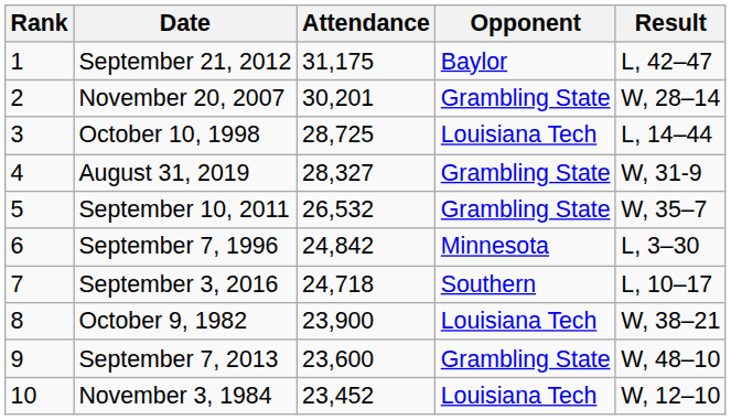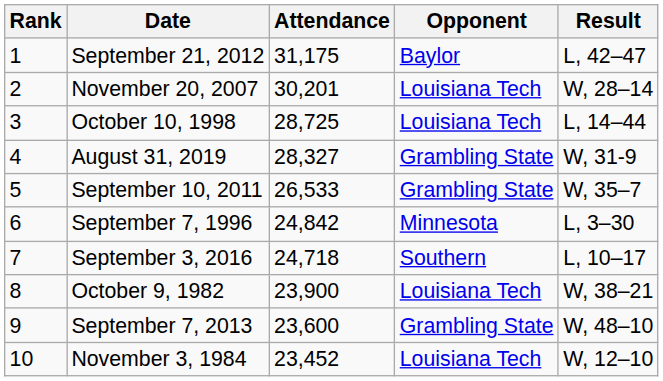 <table class="wikitable">
 <tr>
 <th>Rank</th>
 <th>Date</th>
 <th>Attendance</th>
 <th>Opponent</th>
 <th>Result</th>
 </tr>
 <tr>
 <td>1</td>
 <td>September 21, 2012</td>
 <td>31,175</td>
 <td><a href='#'>Baylor</a></td>
 <td>L, 42–47</td>
 </tr>
 <tr>
 <td>2</td>
 <td>November 20, 2007</td>
 <td>30,201</td>
-<td><a href='#'>Grambling State</a></td>
+<td><a href='#'>Louisiana Tech</a></td>
 <td>W, 28–14</td>
 </tr>
 <tr>
 <td>3</td>
 <td>October 10, 1998</td>
 <td>28,725</td>
 <td><a href='#'>Louisiana Tech</a></td>
 <td>L, 14–44</td>
 </tr>
 <tr>
 <td>4</td>
 <td>August 31, 2019</td>
 <td>28,327</td>
 <td><a href='#'>Grambling State</a></td>
 <td>W, 31-9</td>
 </tr>
 <tr>
 <td>5</td>
 <td>September 10, 2011</td>
-<td>26,532</td>
+<td>26,533</td>
 <td><a href='#'>Grambling State</a></td>
 <td>W, 35–7</td>
 </tr>
 <tr>
 <td>6</td>
 <td>September 7, 1996</td>
 <td>24,842</td>
 <td><a href='#'>Minnesota</a></td>
 <td>L, 3–30</td>
 </tr>
 <tr>
 <td>7</td>
 <td>September 3, 2016</td>
 <td>24,718</td>
 <td><a href='#'>Southern</a></td>
 <td>L, 10–17</td>
 </tr>
 <tr>
 <td>8</td>
 <td>October 9, 1982</td>
 <td>23,900</td>
 <td><a href='#'>Louisiana Tech</a></td>
 <td>W, 38–21</td>
 </tr>
 <tr>
 <td>9</td>
 <td>September 7, 2013</td>
 <td>23,600</td>
 <td><a href='#'>Grambling State</a></td>
 <td>W, 48–10</td>
 </tr>
 <tr>
 <td>10</td>
 <td>November 3, 1984</td>
 <td>23,452</td>
 <td><a href='#'>Louisiana Tech</a></td>
 <td>W, 12–10</td>
 </tr>
 </table>
